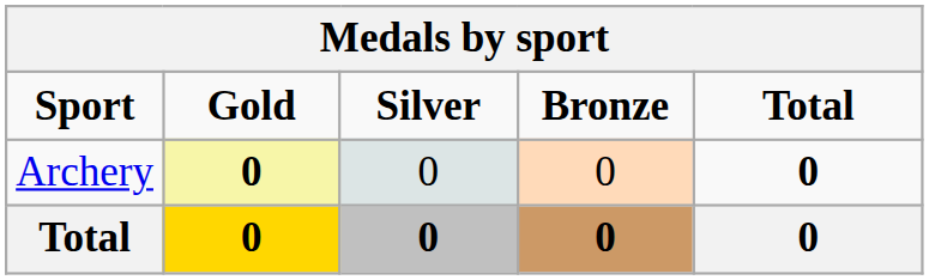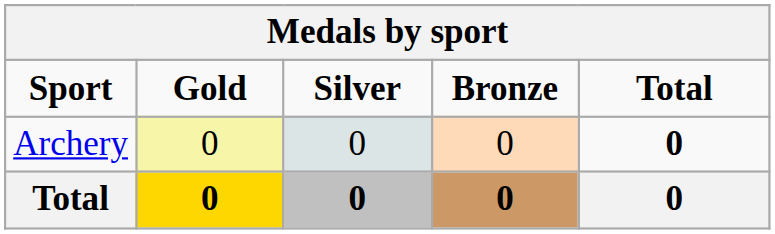 <table class="wikitable sortable"style=text-align:center;">
 <tr style="background:#efefef;">
 <th colspan=5>Medals by sport</th>
 </tr>
 <tr>
 <td><strong>Sport</strong></td>
 <td width=60style="background:gold;"><strong>Gold </strong></td>
 <td width=60style="background:silver;"><strong>Silver </strong></td>
 <td width=60style="background:#c96;"><strong>Bronze </strong></td>
 <td width=80><strong>Total</strong></td>
 </tr>
 <tr>
 <td align=left><a href='#'>Archery</a></td>
-<td style="background:#F7F6A8;"><strong>0</strong></td>
+<td style="background:#F7F6A8;">0</td>
 <td style="background:#DCE5E5;">0</td>
 <td style="background:#FFDAB9;">0</td>
 <td><strong>0</strong></td>
 </tr>
 <tr>
 <th>Total</th>
 <th style="background:gold;">0</th>
 <th style="background:silver;">0</th>
 <th style="background:#c96;">0</th>
 <th>0</th>
 </tr>
 </table>
